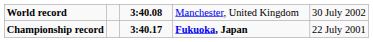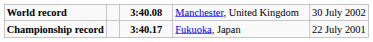 <table class="wikitable">
 <tr>
 <td><strong>World record</strong></td>
 <td style="padding-right:1em"></td>
 <td style="text-align:center;padding-left:1em; padding-right:1em;"><strong>3:40.08</strong></td>
 <td style="padding-right:1em"><a href='#'>Manchester</a>, United Kingdom</td>
 <td align=right>30 July 2002</td>
 </tr>
 <tr>
 <td><strong>Championship record</strong></td>
 <td style="padding-right:1em"></td>
 <td style="text-align:center;padding-left:1em; padding-right:1em;"><strong>3:40.17</strong></td>
-<td style="padding-right:1em"><strong><a href='#'>Fukuoka</a>, Japan</strong></td>
+<td style="padding-right:1em"><a href='#'>Fukuoka</a>, Japan</td>
 <td align=right>22 July 2001</td>
 </tr>
 </table>
